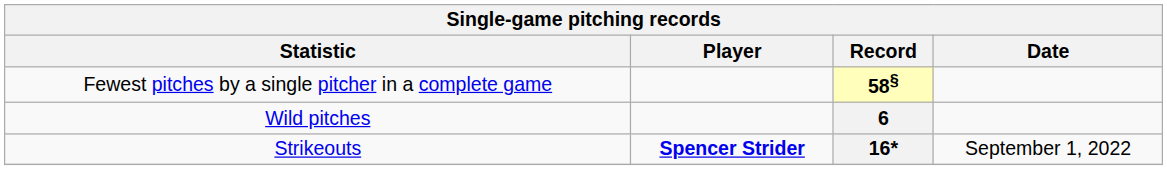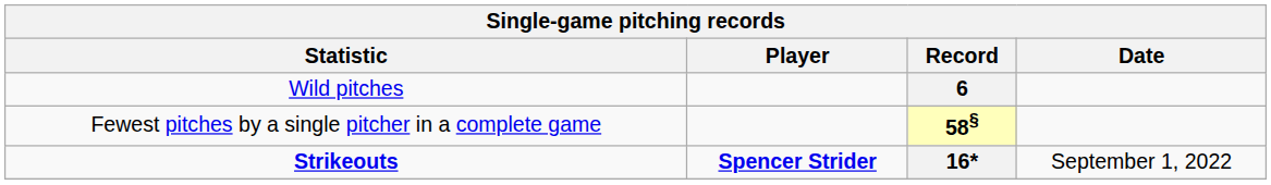 <table class="wikitable sortable" style="text-align:center" width="60%">
 <tr>
 <th colspan=4>Single-game pitching records</th>
 </tr>
 <tr>
 <th scope="col">Statistic</th>
 <th scope="col">Player</th>
 <th scope="col" class="unsortable">Record</th>
 <th scope="col">Date</th>
 </tr>
 <tr>
+<td><a href='#'>Wild pitches</a></td>
+<td></td>
+<th scope="row">6</th>
+<td></td>
+</tr>
+<tr>
 <td>Fewest <a href='#'>pitches</a> by a single <a href='#'>pitcher</a> in a <a href='#'>complete game</a></td>
 <td></td>
 <th scope="row" style="background-color:#ffffbb">58<sup>§</sup></th>
 <td></td>
 </tr>
 <tr>
-<td><a href='#'>Wild pitches</a></td>
-<td></td>
-<th scope="row">6</th>
-<td></td>
-</tr>
-<tr>
-<td><a href='#'>Strikeouts</a></td>
+<td><strong><a href='#'>Strikeouts</a></strong></td>
 <td><strong><a href='#'>Spencer Strider</a></strong></td>
 <th scope="row">16*</th>
 <td>September 1, 2022</td>
 </tr>
 <tr>
 </tr>
 </table>
